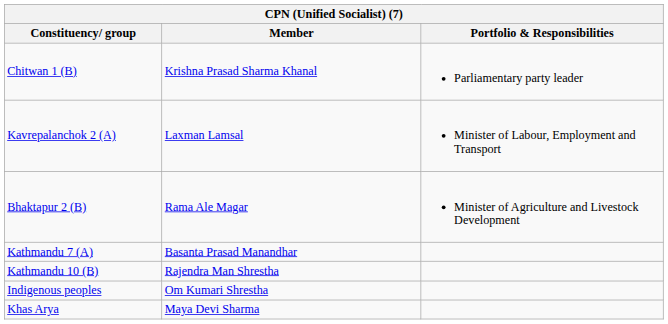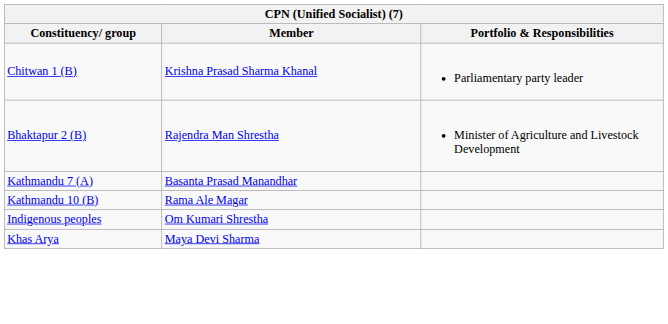 <table class="wikitable sortable">
 <tr>
 <th colspan="3" style="width: 800pt; background:">CPN (Unified Socialist) (7)</th>
 </tr>
 <tr>
 <th style="width:150pt;">Constituency/ group</th>
 <th style="width:250pt;">Member</th>
 <th>Portfolio & Responsibilities</th>
 </tr>
 <tr>
 <td><a href='#'>Chitwan 1 (B)</a></td>
 <td><a href='#'>Krishna Prasad Sharma Khanal</a></td>
 <td><br><ul><li>Parliamentary party leader</li></ul></td>
 </tr>
 <tr>
-<td><a href='#'>Kavrepalanchok 2 (A)</a></td>
-<td><a href='#'>Laxman Lamsal</a></td>
-<td><br><ul><li>Minister of Labour, Employment and Transport</li></ul></td>
-</tr>
-<tr>
 <td><a href='#'>Bhaktapur 2 (B)</a></td>
-<td><a href='#'>Rama Ale Magar</a></td>
+<td><a href='#'>Rajendra Man Shrestha</a></td>
 <td><br><ul><li>Minister of Agriculture and Livestock Development</li></ul></td>
 </tr>
 <tr>
 <td><a href='#'>Kathmandu 7 (A)</a></td>
 <td><a href='#'>Basanta Prasad Manandhar</a></td>
 <td></td>
 </tr>
 <tr>
 <td><a href='#'>Kathmandu 10 (B)</a></td>
-<td><a href='#'>Rajendra Man Shrestha</a></td>
+<td><a href='#'>Rama Ale Magar</a></td>
 <td></td>
 </tr>
 <tr>
 <td><a href='#'>Indigenous peoples</a></td>
 <td><a href='#'>Om Kumari Shrestha</a></td>
 <td></td>
 </tr>
 <tr>
 <td><a href='#'>Khas Arya</a></td>
 <td><a href='#'>Maya Devi Sharma</a></td>
 <td></td>
 </tr>
 </table>
